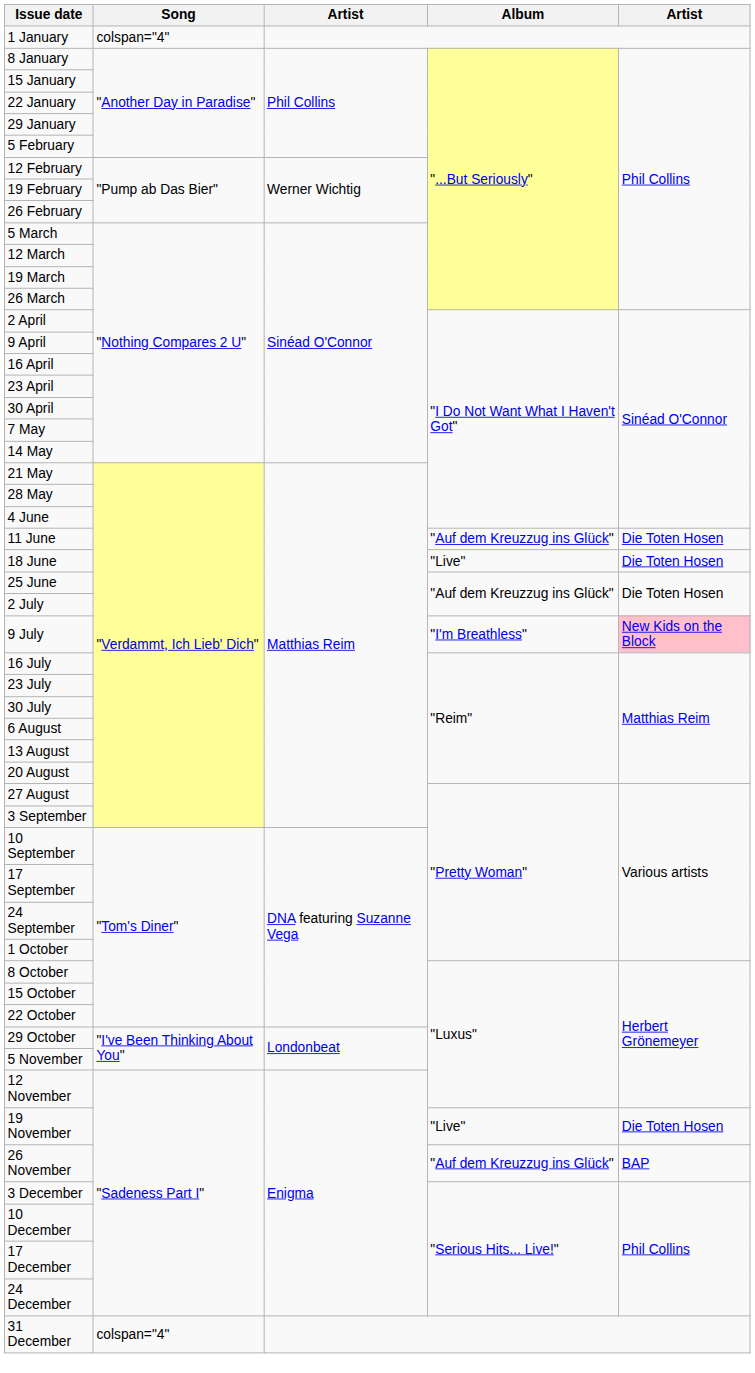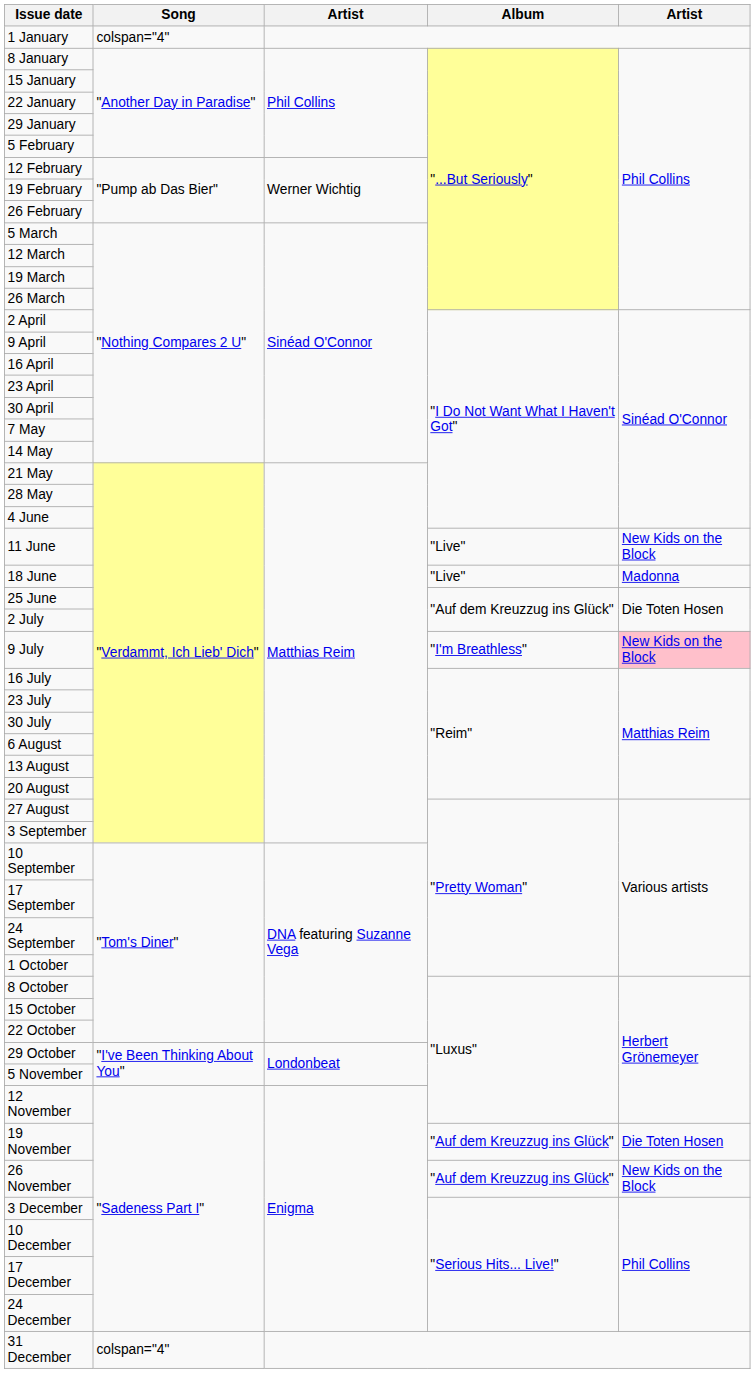 <table class="sortable wikitable">
 <tr>
 <th>Issue date</th>
 <th>Song</th>
 <th>Artist</th>
 <th>Album</th>
 <th>Artist</th>
 </tr>
 <tr>
 <td>1 January</td>
 <td>colspan="4" </td>
 </tr>
 <tr>
 <td>8 January</td>
 <td rowspan="5">"<a href='#'>Another Day in Paradise</a>"</td>
 <td rowspan="5"><a href='#'>Phil Collins</a></td>
 <td bgcolor=#FFFF99  rowspan="12">"<a href='#'>...But Seriously</a>" </td>
 <td rowspan="12"><a href='#'>Phil Collins</a></td>
 </tr>
 <tr>
 <td>15 January</td>
 </tr>
 <tr>
 <td>22 January</td>
 </tr>
 <tr>
 <td>29 January</td>
 </tr>
 <tr>
 <td>5 February</td>
 </tr>
 <tr>
 <td>12 February</td>
 <td rowspan="3">"Pump ab Das Bier"</td>
 <td rowspan="3">Werner Wichtig</td>
 </tr>
 <tr>
 <td>19 February</td>
 </tr>
 <tr>
 <td>26 February</td>
 </tr>
 <tr>
 <td>5 March</td>
 <td rowspan="11">"<a href='#'>Nothing Compares 2 U</a>"</td>
 <td rowspan="11"><a href='#'>Sinéad O'Connor</a></td>
 </tr>
 <tr>
 <td>12 March</td>
 </tr>
 <tr>
 <td>19 March</td>
 </tr>
 <tr>
 <td>26 March</td>
 </tr>
 <tr>
 <td>2 April</td>
 <td rowspan="10">"<a href='#'>I Do Not Want What I Haven't Got</a>"</td>
 <td rowspan="10"><a href='#'>Sinéad O'Connor</a></td>
 </tr>
 <tr>
 <td>9 April</td>
 </tr>
 <tr>
 <td>16 April</td>
 </tr>
 <tr>
 <td>23 April</td>
 </tr>
 <tr>
 <td>30 April</td>
 </tr>
 <tr>
 <td>7 May</td>
 </tr>
 <tr>
 <td>14 May</td>
 </tr>
 <tr>
 <td>21 May</td>
 <td bgcolor=#FFFF99 rowspan="16">"<a href='#'>Verdammt, Ich Lieb' Dich</a>" </td>
 <td rowspan="16"><a href='#'>Matthias Reim</a></td>
 </tr>
 <tr>
 <td>28 May</td>
 </tr>
 <tr>
 <td>4 June</td>
 </tr>
 <tr>
 <td>11 June</td>
-<td>"<a href='#'>Auf dem Kreuzzug ins Glück</a>"</td>
-<td><a href='#'>Die Toten Hosen</a></td>
+<td>"Live"</td>
+<td><a href='#'>New Kids on the Block</a></td>
 </tr>
 <tr>
 <td>18 June</td>
 <td>"Live"</td>
-<td><a href='#'>Die Toten Hosen</a></td>
+<td><a href='#'>Madonna</a></td>
 </tr>
 <tr>
 <td>25 June</td>
 <td rowspan="2">"Auf dem Kreuzzug ins Glück"</td>
 <td rowspan="2">Die Toten Hosen</td>
 </tr>
 <tr>
 <td>2 July</td>
 </tr>
 <tr>
 <td>9 July</td>
 <td>"<a href='#'>I'm Breathless</a>"</td>
 <td style="background: pink;"><a href='#'>New Kids on the Block</a></td>
 </tr>
 <tr>
 <td>16 July</td>
 <td rowspan="6">"Reim"</td>
 <td rowspan="6"><a href='#'>Matthias Reim</a></td>
 </tr>
 <tr>
 <td>23 July</td>
 </tr>
 <tr>
 <td>30 July</td>
 </tr>
 <tr>
 <td>6 August</td>
 </tr>
 <tr>
 <td>13 August</td>
 </tr>
 <tr>
 <td>20 August</td>
 </tr>
 <tr>
 <td>27 August</td>
 <td rowspan="6">"<a href='#'>Pretty Woman</a>"</td>
 <td rowspan="6">Various artists</td>
 </tr>
 <tr>
 <td>3 September</td>
 </tr>
 <tr>
 <td>10 September</td>
 <td rowspan="7">"<a href='#'>Tom's Diner</a>"</td>
 <td rowspan="7"><a href='#'>DNA</a> featuring <a href='#'>Suzanne Vega</a></td>
 </tr>
 <tr>
 <td>17 September</td>
 </tr>
 <tr>
 <td>24 September</td>
 </tr>
 <tr>
 <td>1 October</td>
 </tr>
 <tr>
 <td>8 October</td>
 <td rowspan="6">"Luxus"</td>
 <td rowspan="6"><a href='#'>Herbert Grönemeyer</a></td>
 </tr>
 <tr>
 <td>15 October</td>
 </tr>
 <tr>
 <td>22 October</td>
 </tr>
 <tr>
 <td>29 October</td>
 <td rowspan="2">"<a href='#'>I've Been Thinking About You</a>"</td>
 <td rowspan="2"><a href='#'>Londonbeat</a></td>
 </tr>
 <tr>
 <td>5 November</td>
 </tr>
 <tr>
 <td>12 November</td>
 <td rowspan="7">"<a href='#'>Sadeness Part I</a>"</td>
 <td rowspan="7"><a href='#'>Enigma</a></td>
 </tr>
 <tr>
 <td>19 November</td>
-<td>"Live"</td>
+<td>"<a href='#'>Auf dem Kreuzzug ins Glück</a>"</td>
 <td><a href='#'>Die Toten Hosen</a></td>
 </tr>
 <tr>
 <td>26 November</td>
 <td>"<a href='#'>Auf dem Kreuzzug ins Glück</a>"</td>
-<td><a href='#'>BAP</a></td>
+<td><a href='#'>New Kids on the Block</a></td>
 </tr>
 <tr>
 <td>3 December</td>
 <td rowspan="4">"<a href='#'>Serious Hits... Live!</a>"</td>
 <td rowspan="4"><a href='#'>Phil Collins</a></td>
 </tr>
 <tr>
 <td>10 December</td>
 </tr>
 <tr>
 <td>17 December</td>
 </tr>
 <tr>
 <td>24 December</td>
 </tr>
 <tr>
 <td>31 December</td>
 <td>colspan="4" </td>
 </tr>
 </table>
